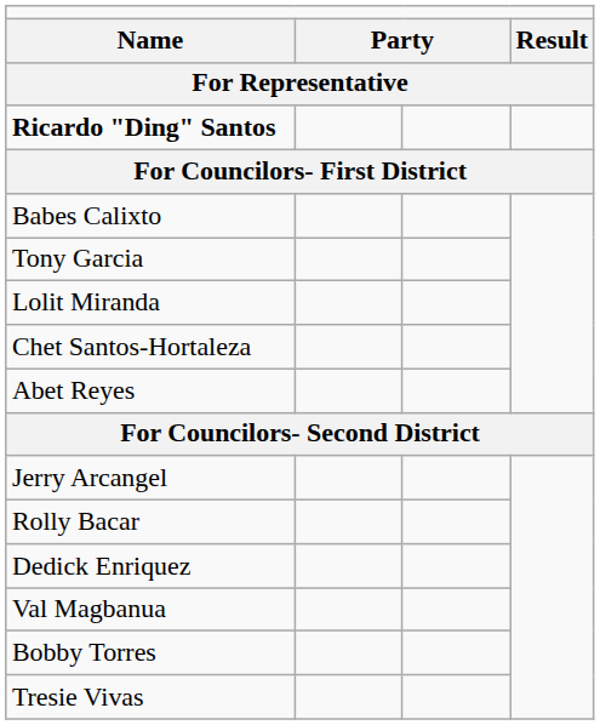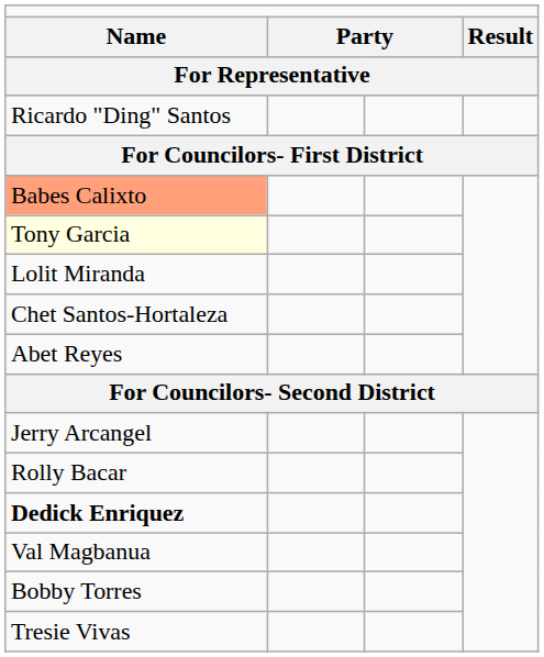 <table class="wikitable" style="font-size:90%">
 <tr>
 <td colspan="4" style="color:inherit;background:"></td>
 </tr>
 <tr>
 <th width="150px">Name</th>
 <th colspan="2" width="110px">Party</th>
 <th>Result</th>
 </tr>
 <tr>
 <th colspan="4">For Representative</th>
 </tr>
 <tr>
-<td><strong>Ricardo "Ding" Santos</strong></td>
+<td>Ricardo "Ding" Santos</td>
 <td></td>
 <td></td>
 </tr>
 <tr>
 <th colspan="4">For Councilors- First District</th>
 </tr>
 <tr>
-<td>Babes Calixto</td>
+<td style="background: lightsalmon;">Babes Calixto</td>
 <td></td>
 <td></td>
 </tr>
 <tr>
-<td>Tony Garcia</td>
+<td style="background: lightyellow;">Tony Garcia</td>
 <td></td>
 <td></td>
 </tr>
 <tr>
 <td>Lolit Miranda</td>
 <td></td>
 <td></td>
 </tr>
 <tr>
 <td>Chet Santos-Hortaleza</td>
 <td></td>
 <td></td>
 </tr>
 <tr>
 <td>Abet Reyes</td>
 <td></td>
 <td></td>
 </tr>
 <tr>
 <th colspan="4">For Councilors- Second District</th>
 </tr>
 <tr>
 <td>Jerry Arcangel</td>
 <td></td>
 <td></td>
 </tr>
 <tr>
 <td>Rolly Bacar</td>
 <td></td>
 <td></td>
 </tr>
 <tr>
-<td>Dedick Enriquez</td>
+<td><strong>Dedick Enriquez</strong></td>
 <td></td>
 <td></td>
 </tr>
 <tr>
 <td>Val Magbanua</td>
 <td></td>
 <td></td>
 </tr>
 <tr>
 <td>Bobby Torres</td>
 <td></td>
 <td></td>
 </tr>
 <tr>
 <td>Tresie Vivas</td>
 <td></td>
 <td></td>
 </tr>
 </table>
